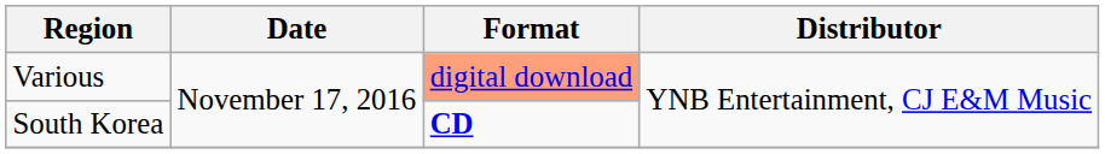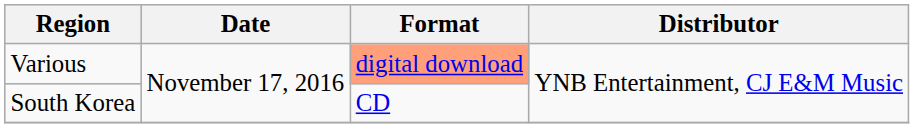 <table class="wikitable plainrowheaders">
 <tr>
 <th>Region</th>
 <th>Date</th>
 <th>Format</th>
 <th>Distributor</th>
 </tr>
 <tr>
 <td>Various</td>
 <td rowspan="2">November 17, 2016</td>
 <td style="background: lightsalmon;"><a href='#'>digital download</a></td>
 <td rowspan=2>YNB Entertainment, <a href='#'>CJ E&M Music</a></td>
 </tr>
 <tr>
 <td>South Korea</td>
-<td><strong><a href='#'>CD</a></strong></td>
+<td><a href='#'>CD</a></td>
 </tr>
 <tr>
 </tr>
 </table>
